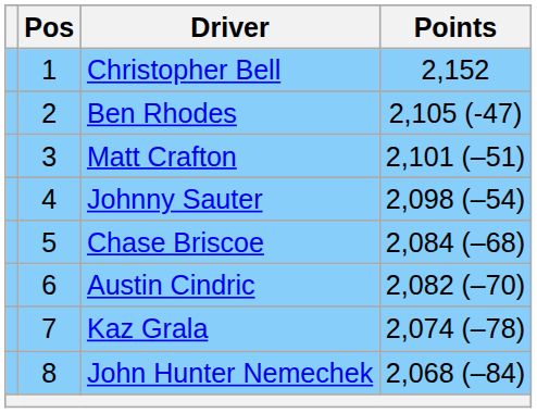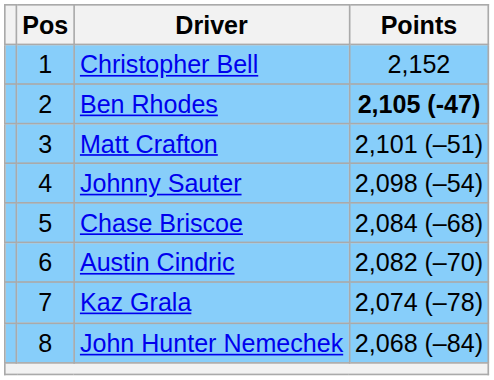 <table class="wikitable" style="font-size: 95%;">
 <tr>
 <th></th>
 <th>Pos</th>
 <th>Driver</th>
 <th>Points</th>
 </tr>
 <tr style="background:#87CEFA;">
 <td align="left"></td>
 <td style="text-align:center;">1</td>
 <td><a href='#'>Christopher Bell</a></td>
 <td style="text-align:center;">2,152</td>
 </tr>
 <tr style="background:#87CEFA;">
 <td align="left"></td>
 <td style="text-align:center;">2</td>
 <td><a href='#'>Ben Rhodes</a></td>
-<td style="text-align:center;">2,105 (-47)</td>
+<td style="text-align:center;"><strong>2,105 (-47)</strong></td>
 </tr>
 <tr style="background:#87CEFA;">
 <td align="left"></td>
 <td style="text-align:center;">3</td>
 <td><a href='#'>Matt Crafton</a></td>
 <td style="text-align:center;">2,101 (–51)</td>
 </tr>
 <tr style="background:#87CEFA;">
 <td align="left"></td>
 <td style="text-align:center;">4</td>
 <td><a href='#'>Johnny Sauter</a></td>
 <td style="text-align:center;">2,098 (–54)</td>
 </tr>
 <tr style="background:#87CEFA;">
 <td align="left"></td>
 <td style="text-align:center;">5</td>
 <td><a href='#'>Chase Briscoe</a></td>
 <td style="text-align:center;">2,084 (–68)</td>
 </tr>
 <tr style="background:#87CEFA;">
 <td align="left"></td>
 <td style="text-align:center;">6</td>
 <td><a href='#'>Austin Cindric</a></td>
 <td style="text-align:center;">2,082 (–70)</td>
 </tr>
 <tr style="background:#87CEFA;">
 <td align="left"></td>
 <td style="text-align:center;">7</td>
 <td><a href='#'>Kaz Grala</a></td>
 <td style="text-align:center;">2,074 (–78)</td>
 </tr>
 <tr style="background:#87CEFA;">
 <td align="left"></td>
 <td style="text-align:center;">8</td>
 <td><a href='#'>John Hunter Nemechek</a></td>
 <td style="text-align:center;">2,068 (–84)</td>
 </tr>
 <tr class="sortbottom">
 <th colspan="9"></th>
 </tr>
 </table>
